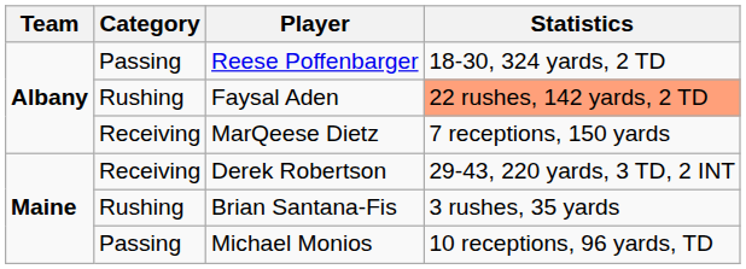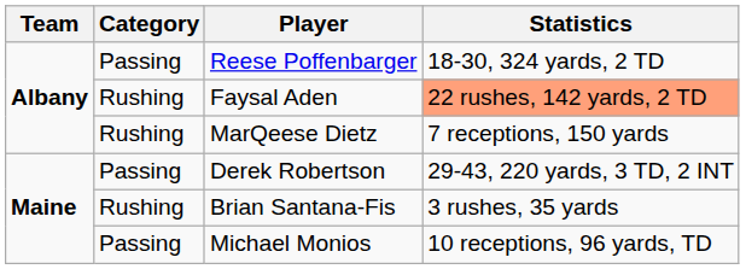 <table class="wikitable" style="float: left;">
 <tr>
 <th>Team</th>
 <th>Category</th>
 <th>Player</th>
 <th>Statistics</th>
 </tr>
 <tr>
 <td rowspan=3><strong>Albany</strong></td>
 <td>Passing</td>
 <td><a href='#'>Reese Poffenbarger</a></td>
 <td>18-30, 324 yards, 2 TD</td>
 </tr>
 <tr>
 <td>Rushing</td>
 <td>Faysal Aden</td>
 <td style="background: lightsalmon;">22 rushes, 142 yards, 2 TD</td>
 </tr>
 <tr>
-<td>Receiving</td>
+<td>Rushing</td>
 <td>MarQeese Dietz</td>
 <td>7 receptions, 150 yards</td>
 </tr>
 <tr>
 <td rowspan=3><strong>Maine</strong></td>
-<td>Receiving</td>
+<td>Passing</td>
 <td>Derek Robertson</td>
 <td>29-43, 220 yards, 3 TD, 2 INT</td>
 </tr>
 <tr>
 <td>Rushing</td>
 <td>Brian Santana-Fis</td>
 <td>3 rushes, 35 yards</td>
 </tr>
 <tr>
 <td>Passing</td>
 <td>Michael Monios</td>
 <td>10 receptions, 96 yards, TD</td>
 </tr>
 </table>
